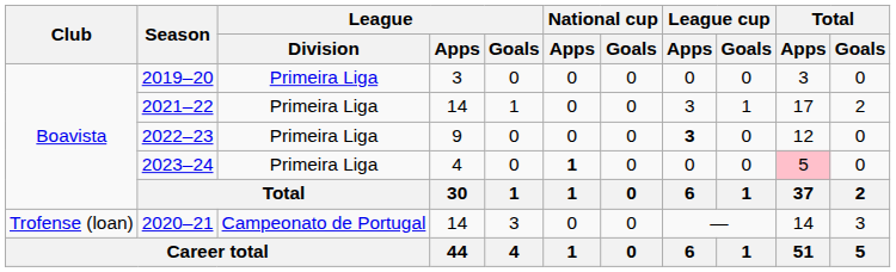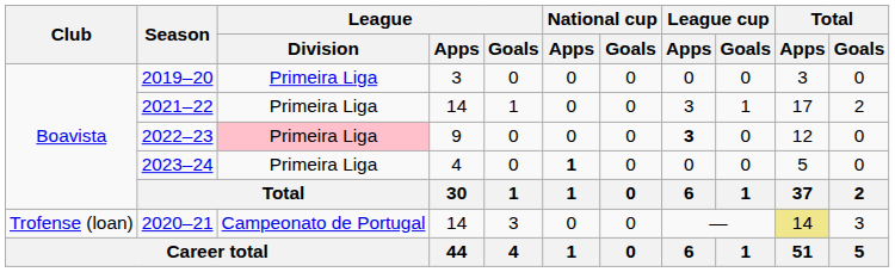 <table class="wikitable" style="text-align: center">
 <tr>
 <th rowspan="2">Club</th>
 <th rowspan="2">Season</th>
 <th colspan="3">League</th>
 <th colspan="2">National cup</th>
 <th colspan="2">League cup</th>
 <th colspan="2">Total</th>
 </tr>
 <tr>
 <th>Division</th>
 <th>Apps</th>
 <th>Goals</th>
 <th>Apps</th>
 <th>Goals</th>
 <th>Apps</th>
 <th>Goals</th>
 <th>Apps</th>
 <th>Goals</th>
 </tr>
 <tr>
 <td rowspan="5"><a href='#'>Boavista</a></td>
 <td><a href='#'>2019–20</a></td>
 <td><a href='#'>Primeira Liga</a></td>
 <td>3</td>
 <td>0</td>
 <td>0</td>
 <td>0</td>
 <td>0</td>
 <td>0</td>
 <td>3</td>
 <td>0</td>
 </tr>
 <tr>
 <td><a href='#'>2021–22</a></td>
 <td>Primeira Liga</td>
 <td>14</td>
 <td>1</td>
 <td>0</td>
 <td>0</td>
 <td>3</td>
 <td>1</td>
 <td>17</td>
 <td>2</td>
 </tr>
 <tr>
 <td><a href='#'>2022–23</a></td>
-<td>Primeira Liga</td>
+<td style="background: pink;">Primeira Liga</td>
 <td>9</td>
 <td>0</td>
 <td>0</td>
 <td>0</td>
 <td><strong>3</strong></td>
 <td>0</td>
 <td>12</td>
 <td>0</td>
 </tr>
 <tr>
 <td><a href='#'>2023–24</a></td>
 <td>Primeira Liga</td>
 <td>4</td>
 <td>0</td>
 <td><strong>1</strong></td>
 <td>0</td>
 <td>0</td>
 <td>0</td>
-<td style="background: pink;">5</td>
+<td>5</td>
 <td>0</td>
 </tr>
 <tr>
 <th colspan="2">Total</th>
 <th>30</th>
 <th>1</th>
 <th>1</th>
 <th>0</th>
 <th>6</th>
 <th>1</th>
 <th>37</th>
 <th>2</th>
 </tr>
 <tr>
 <td><a href='#'>Trofense</a> (loan)</td>
 <td><a href='#'>2020–21</a></td>
 <td><a href='#'>Campeonato de Portugal</a></td>
 <td>14</td>
 <td>3</td>
 <td>0</td>
 <td>0</td>
 <td colspan="2">—</td>
-<td>14</td>
+<td style="background: khaki;">14</td>
 <td>3</td>
 </tr>
 <tr>
 <th colspan="3">Career total</th>
 <th>44</th>
 <th>4</th>
 <th>1</th>
 <th>0</th>
 <th>6</th>
 <th>1</th>
 <th>51</th>
 <th>5</th>
 </tr>
 </table>
